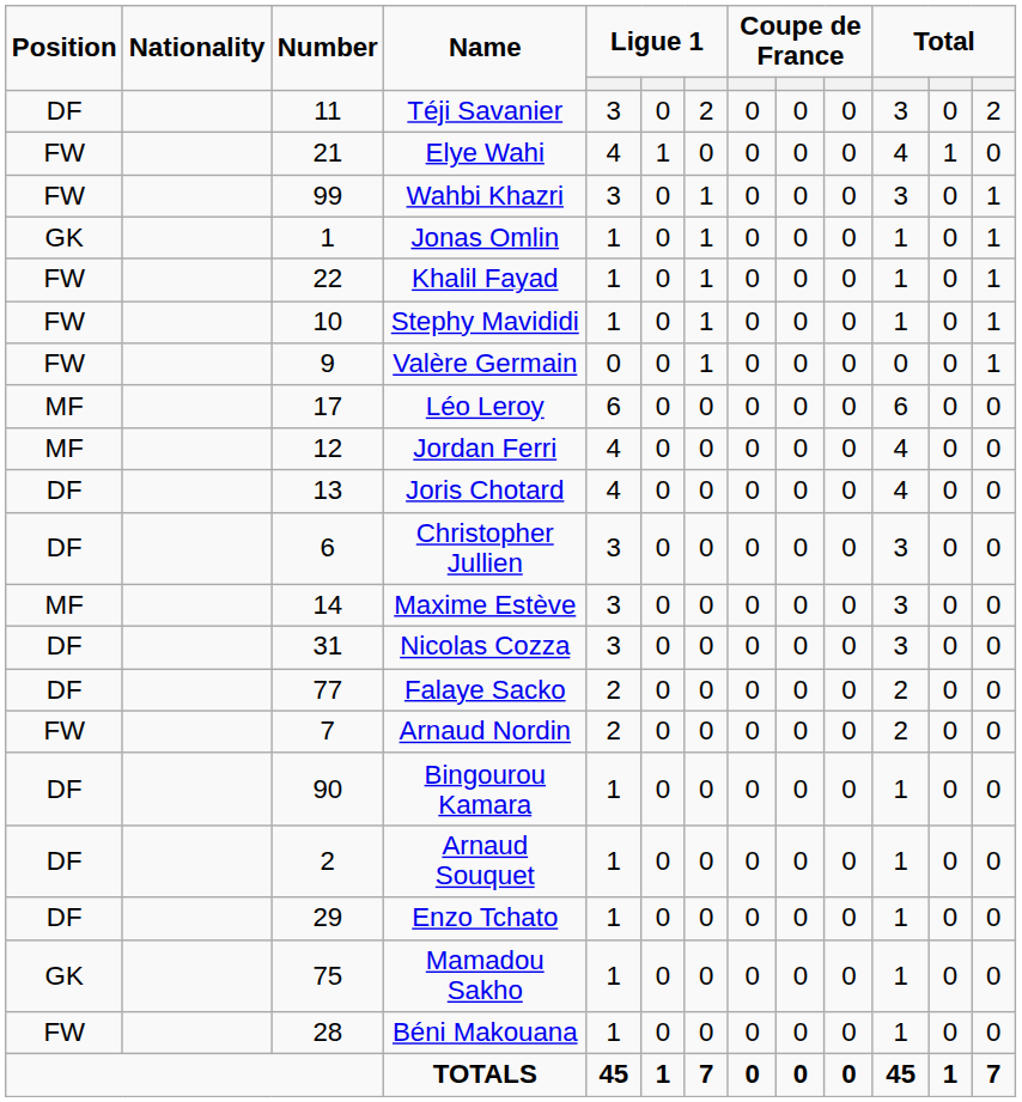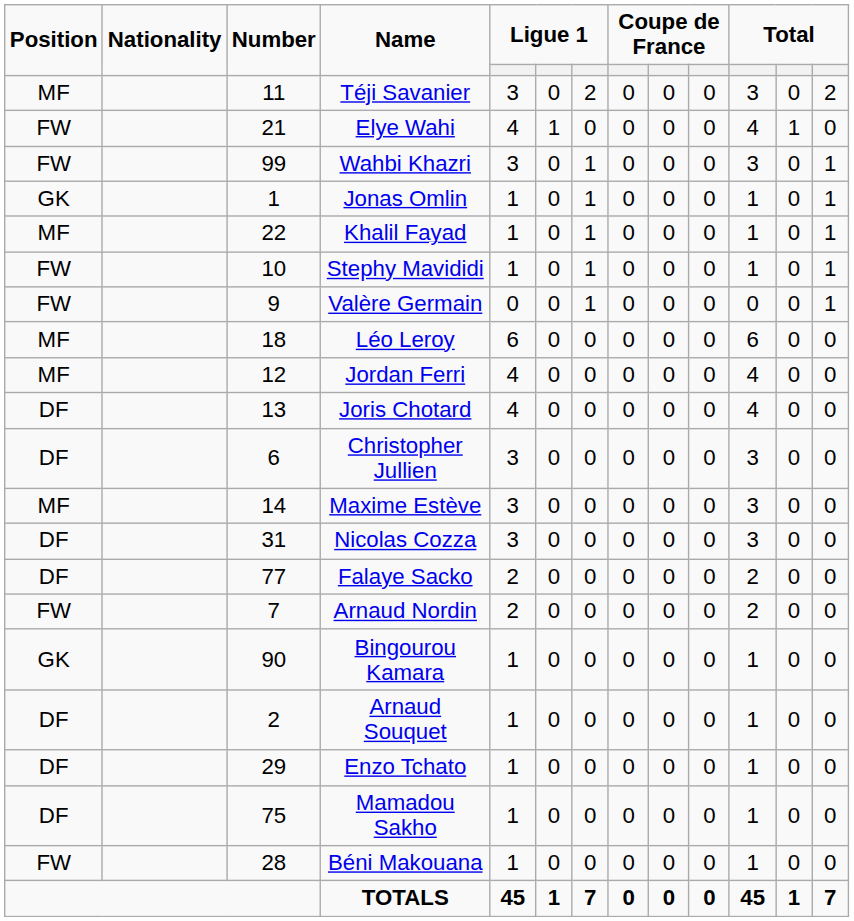 <table class="wikitable" style="font-size: 100%; text-align: center;">
 <tr>
 <td rowspan="2" width="10%" align="center"><strong>Position</strong></td>
 <td rowspan="2" width="10%" align="center"><strong>Nationality</strong></td>
 <td rowspan="2" width="10%" align="center"><strong>Number</strong></td>
 <td rowspan="2" width="20%" align="center"><strong>Name</strong></td>
 <td colspan="3" align="center"><strong>Ligue 1</strong></td>
 <td colspan="3" align="center"><strong>Coupe de France</strong></td>
 <td colspan="3" align="center"><strong>Total</strong></td>
 </tr>
 <tr>
 <th width=60 style="background:"></th>
 <th width=60 style="background:"></th>
 <th width=60 style="background:"></th>
 <th width=60 style="background:"></th>
 <th width=60 style="background:"></th>
 <th width=60 style="background:"></th>
 <th width=60 style="background:"></th>
 <th width=60 style="background:"></th>
 <th width=60 style="background:"></th>
 </tr>
 <tr>
-<td>DF</td>
+<td>MF</td>
 <td></td>
 <td>11</td>
 <td><a href='#'>Téji Savanier</a></td>
 <td>3</td>
 <td>0</td>
 <td>2</td>
 <td>0</td>
 <td>0</td>
 <td>0</td>
 <td>3</td>
 <td>0</td>
 <td>2</td>
 </tr>
 <tr>
 <td>FW</td>
 <td></td>
 <td>21</td>
 <td><a href='#'>Elye Wahi</a></td>
 <td>4</td>
 <td>1</td>
 <td>0</td>
 <td>0</td>
 <td>0</td>
 <td>0</td>
 <td>4</td>
 <td>1</td>
 <td>0</td>
 </tr>
 <tr>
 <td>FW</td>
 <td></td>
 <td>99</td>
 <td><a href='#'>Wahbi Khazri</a></td>
 <td>3</td>
 <td>0</td>
 <td>1</td>
 <td>0</td>
 <td>0</td>
 <td>0</td>
 <td>3</td>
 <td>0</td>
 <td>1</td>
 </tr>
 <tr>
 <td>GK</td>
 <td></td>
 <td>1</td>
 <td><a href='#'>Jonas Omlin</a></td>
 <td>1</td>
 <td>0</td>
 <td>1</td>
 <td>0</td>
 <td>0</td>
 <td>0</td>
 <td>1</td>
 <td>0</td>
 <td>1</td>
 </tr>
 <tr>
-<td>FW</td>
+<td>MF</td>
 <td></td>
 <td>22</td>
 <td><a href='#'>Khalil Fayad</a></td>
 <td>1</td>
 <td>0</td>
 <td>1</td>
 <td>0</td>
 <td>0</td>
 <td>0</td>
 <td>1</td>
 <td>0</td>
 <td>1</td>
 </tr>
 <tr>
 <td>FW</td>
 <td></td>
 <td>10</td>
 <td><a href='#'>Stephy Mavididi</a></td>
 <td>1</td>
 <td>0</td>
 <td>1</td>
 <td>0</td>
 <td>0</td>
 <td>0</td>
 <td>1</td>
 <td>0</td>
 <td>1</td>
 </tr>
 <tr>
 <td>FW</td>
 <td></td>
 <td>9</td>
 <td><a href='#'>Valère Germain</a></td>
 <td>0</td>
 <td>0</td>
 <td>1</td>
 <td>0</td>
 <td>0</td>
 <td>0</td>
 <td>0</td>
 <td>0</td>
 <td>1</td>
 </tr>
 <tr>
 <td>MF</td>
 <td></td>
-<td>17</td>
+<td>18</td>
 <td><a href='#'>Léo Leroy</a></td>
 <td>6</td>
 <td>0</td>
 <td>0</td>
 <td>0</td>
 <td>0</td>
 <td>0</td>
 <td>6</td>
 <td>0</td>
 <td>0</td>
 </tr>
 <tr>
 <td>MF</td>
 <td></td>
 <td>12</td>
 <td><a href='#'>Jordan Ferri</a></td>
 <td>4</td>
 <td>0</td>
 <td>0</td>
 <td>0</td>
 <td>0</td>
 <td>0</td>
 <td>4</td>
 <td>0</td>
 <td>0</td>
 </tr>
 <tr>
 <td>DF</td>
 <td></td>
 <td>13</td>
 <td><a href='#'>Joris Chotard</a></td>
 <td>4</td>
 <td>0</td>
 <td>0</td>
 <td>0</td>
 <td>0</td>
 <td>0</td>
 <td>4</td>
 <td>0</td>
 <td>0</td>
 </tr>
 <tr>
 <td>DF</td>
 <td></td>
 <td>6</td>
 <td><a href='#'>Christopher Jullien</a></td>
 <td>3</td>
 <td>0</td>
 <td>0</td>
 <td>0</td>
 <td>0</td>
 <td>0</td>
 <td>3</td>
 <td>0</td>
 <td>0</td>
 </tr>
 <tr>
 <td>MF</td>
 <td></td>
 <td>14</td>
 <td><a href='#'>Maxime Estève</a></td>
 <td>3</td>
 <td>0</td>
 <td>0</td>
 <td>0</td>
 <td>0</td>
 <td>0</td>
 <td>3</td>
 <td>0</td>
 <td>0</td>
 </tr>
 <tr>
 <td>DF</td>
 <td></td>
 <td>31</td>
 <td><a href='#'>Nicolas Cozza</a></td>
 <td>3</td>
 <td>0</td>
 <td>0</td>
 <td>0</td>
 <td>0</td>
 <td>0</td>
 <td>3</td>
 <td>0</td>
 <td>0</td>
 </tr>
 <tr>
 <td>DF</td>
 <td></td>
 <td>77</td>
 <td><a href='#'>Falaye Sacko</a></td>
 <td>2</td>
 <td>0</td>
 <td>0</td>
 <td>0</td>
 <td>0</td>
 <td>0</td>
 <td>2</td>
 <td>0</td>
 <td>0</td>
 </tr>
 <tr>
 <td>FW</td>
 <td></td>
 <td>7</td>
 <td><a href='#'>Arnaud Nordin</a></td>
 <td>2</td>
 <td>0</td>
 <td>0</td>
 <td>0</td>
 <td>0</td>
 <td>0</td>
 <td>2</td>
 <td>0</td>
 <td>0</td>
 </tr>
 <tr>
-<td>DF</td>
+<td>GK</td>
 <td></td>
 <td>90</td>
 <td><a href='#'>Bingourou Kamara</a></td>
 <td>1</td>
 <td>0</td>
 <td>0</td>
 <td>0</td>
 <td>0</td>
 <td>0</td>
 <td>1</td>
 <td>0</td>
 <td>0</td>
 </tr>
 <tr>
 <td>DF</td>
 <td></td>
 <td>2</td>
 <td><a href='#'>Arnaud Souquet</a></td>
 <td>1</td>
 <td>0</td>
 <td>0</td>
 <td>0</td>
 <td>0</td>
 <td>0</td>
 <td>1</td>
 <td>0</td>
 <td>0</td>
 </tr>
 <tr>
 <td>DF</td>
 <td></td>
 <td>29</td>
 <td><a href='#'>Enzo Tchato</a></td>
 <td>1</td>
 <td>0</td>
 <td>0</td>
 <td>0</td>
 <td>0</td>
 <td>0</td>
 <td>1</td>
 <td>0</td>
 <td>0</td>
 </tr>
 <tr>
-<td>GK</td>
+<td>DF</td>
 <td></td>
 <td>75</td>
 <td><a href='#'>Mamadou Sakho</a></td>
 <td>1</td>
 <td>0</td>
 <td>0</td>
 <td>0</td>
 <td>0</td>
 <td>0</td>
 <td>1</td>
 <td>0</td>
 <td>0</td>
 </tr>
 <tr>
 <td>FW</td>
 <td></td>
 <td>28</td>
 <td><a href='#'>Béni Makouana</a></td>
 <td>1</td>
 <td>0</td>
 <td>0</td>
 <td>0</td>
 <td>0</td>
 <td>0</td>
 <td>1</td>
 <td>0</td>
 <td>0</td>
 </tr>
 <tr>
 <td colspan="3"></td>
 <td><strong>TOTALS</strong></td>
 <td><strong>45</strong></td>
 <td><strong>1</strong></td>
 <td><strong>7</strong></td>
 <td><strong>0</strong></td>
 <td><strong>0</strong></td>
 <td><strong>0</strong></td>
 <td><strong>45</strong></td>
 <td><strong>1</strong></td>
 <td><strong>7</strong></td>
 </tr>
 </table>
